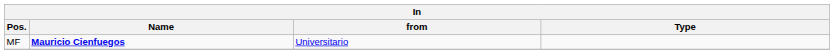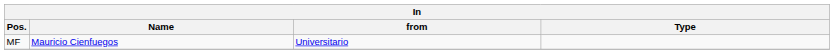 <table class="wikitable" style="font-size:90%;width:99%;">
 <tr>
 <th colspan="4">In</th>
 </tr>
 <tr>
 <th width=3%>Pos.</th>
 <th width=32%>Name</th>
 <th width=30%>from</th>
 <th width=35%>Type</th>
 </tr>
 <tr>
 <td>MF</td>
-<td><strong><a href='#'>Mauricio Cienfuegos</a></strong></td>
+<td><a href='#'>Mauricio Cienfuegos</a></td>
 <td><a href='#'>Universitario</a></td>
 <td></td>
 </tr>
 <tr>
 </tr>
 </table>
